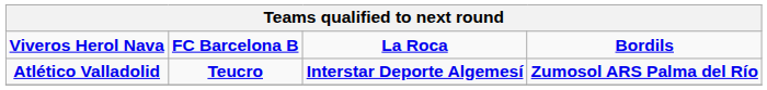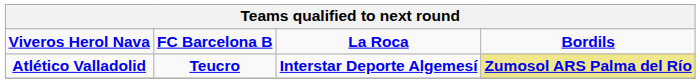 <table class="wikitable" style="text-align: center; margin: 0 auto;">
 <tr>
 <th colspan="4">Teams qualified to next round</th>
 </tr>
 <tr>
 <td><strong><a href='#'>Viveros Herol Nava</a></strong></td>
 <td><strong><a href='#'>FC Barcelona B</a></strong></td>
 <td><strong><a href='#'>La Roca</a></strong></td>
 <td><strong><a href='#'>Bordils</a></strong></td>
 </tr>
 <tr>
 <td><strong><a href='#'>Atlético Valladolid</a></strong></td>
 <td><strong><a href='#'>Teucro</a></strong></td>
 <td><strong><a href='#'>Interstar Deporte Algemesí</a></strong></td>
-<td><strong><a href='#'>Zumosol ARS Palma del Río</a></strong></td>
+<td style="background: khaki;"><strong><a href='#'>Zumosol ARS Palma del Río</a></strong></td>
 </tr>
 <tr>
 </tr>
 </table>
